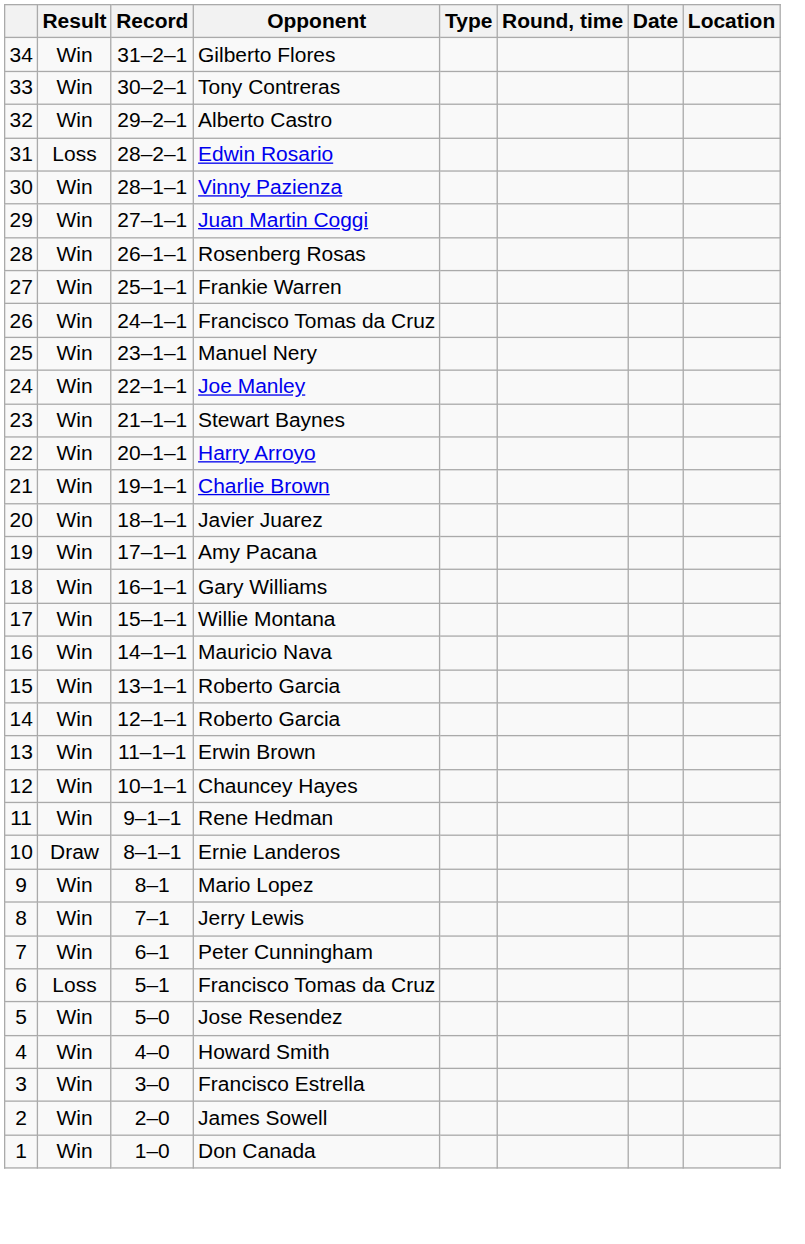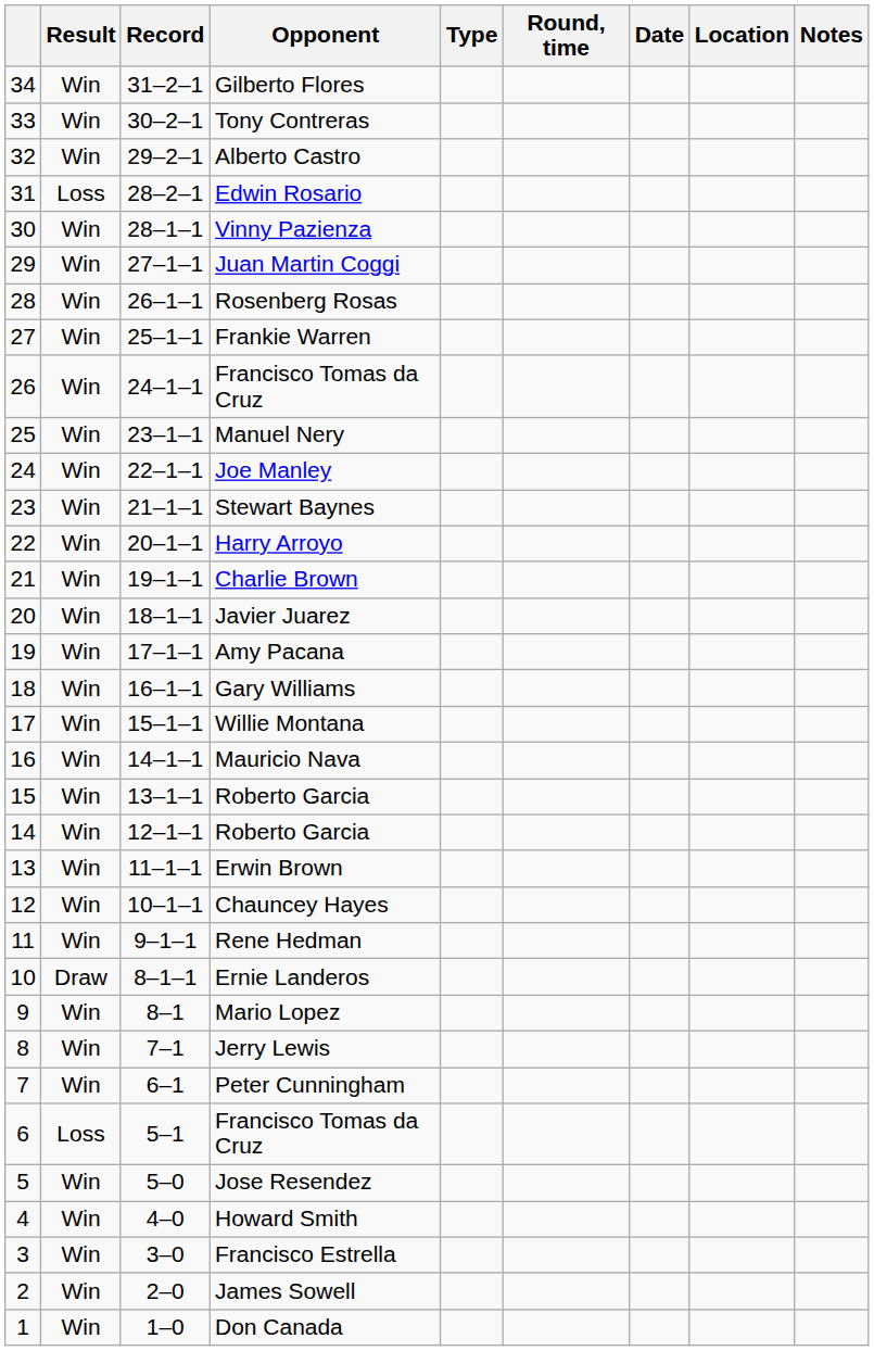 <table class="wikitable" style="text-align:center">
 <tr>
 <th></th>
 <th>Result</th>
 <th>Record</th>
 <th>Opponent</th>
 <th>Type</th>
 <th>Round, time</th>
 <th>Date</th>
 <th>Location</th>
+<th>Notes</th>
 </tr>
 <tr>
 <td>34</td>
 <td>Win</td>
 <td>31–2–1</td>
 <td align=left>Gilberto Flores</td>
 <td></td>
 <td></td>
 <td></td>
+<td align=left></td>
 <td align=left></td>
 </tr>
 <tr>
 <td>33</td>
 <td>Win</td>
 <td>30–2–1</td>
 <td align=left>Tony Contreras</td>
 <td></td>
 <td></td>
 <td></td>
 <td align=left></td>
+<td align=left></td>
 </tr>
 <tr>
 <td>32</td>
 <td>Win</td>
 <td>29–2–1</td>
 <td align=left>Alberto Castro</td>
 <td></td>
 <td></td>
 <td></td>
+<td align=left></td>
 <td align=left></td>
 </tr>
 <tr>
 <td>31</td>
 <td>Loss</td>
 <td>28–2–1</td>
 <td align=left><a href='#'>Edwin Rosario</a></td>
 <td></td>
 <td></td>
 <td></td>
 <td align=left></td>
+<td align=left></td>
 </tr>
 <tr>
 <td>30</td>
 <td>Win</td>
 <td>28–1–1</td>
 <td align=left><a href='#'>Vinny Pazienza</a></td>
 <td></td>
 <td></td>
 <td></td>
+<td align=left></td>
 <td align=left></td>
 </tr>
 <tr>
 <td>29</td>
 <td>Win</td>
 <td>27–1–1</td>
 <td align=left><a href='#'>Juan Martin Coggi</a></td>
 <td></td>
 <td></td>
 <td></td>
 <td align=left></td>
+<td align=left></td>
 </tr>
 <tr>
 <td>28</td>
 <td>Win</td>
 <td>26–1–1</td>
 <td align=left>Rosenberg Rosas</td>
 <td></td>
 <td></td>
 <td></td>
+<td align=left></td>
 <td align=left></td>
 </tr>
 <tr>
 <td>27</td>
 <td>Win</td>
 <td>25–1–1</td>
 <td align=left>Frankie Warren</td>
 <td></td>
 <td></td>
 <td></td>
 <td align=left></td>
+<td align=left></td>
 </tr>
 <tr>
 <td>26</td>
 <td>Win</td>
 <td>24–1–1</td>
 <td align=left>Francisco Tomas da Cruz</td>
 <td></td>
 <td></td>
 <td></td>
+<td align=left></td>
 <td align=left></td>
 </tr>
 <tr>
 <td>25</td>
 <td>Win</td>
 <td>23–1–1</td>
 <td align=left>Manuel Nery</td>
 <td></td>
 <td></td>
 <td></td>
 <td align=left></td>
+<td align=left></td>
 </tr>
 <tr>
 <td>24</td>
 <td>Win</td>
 <td>22–1–1</td>
 <td align=left><a href='#'>Joe Manley</a></td>
 <td></td>
 <td></td>
 <td></td>
+<td align=left></td>
 <td align=left></td>
 </tr>
 <tr>
 <td>23</td>
 <td>Win</td>
 <td>21–1–1</td>
 <td align=left>Stewart Baynes</td>
 <td></td>
 <td></td>
 <td></td>
 <td align=left></td>
+<td align=left></td>
 </tr>
 <tr>
 <td>22</td>
 <td>Win</td>
 <td>20–1–1</td>
 <td align=left><a href='#'>Harry Arroyo</a></td>
 <td></td>
 <td></td>
 <td></td>
+<td align=left></td>
 <td align=left></td>
 </tr>
 <tr>
 <td>21</td>
 <td>Win</td>
 <td>19–1–1</td>
 <td align=left><a href='#'>Charlie Brown</a></td>
 <td></td>
 <td></td>
 <td></td>
 <td align=left></td>
+<td align=left></td>
 </tr>
 <tr>
 <td>20</td>
 <td>Win</td>
 <td>18–1–1</td>
 <td align=left>Javier Juarez</td>
 <td></td>
 <td></td>
 <td></td>
+<td align=left></td>
 <td align=left></td>
 </tr>
 <tr>
 <td>19</td>
 <td>Win</td>
 <td>17–1–1</td>
 <td align=left>Amy Pacana</td>
 <td></td>
 <td></td>
 <td></td>
 <td align=left></td>
+<td align=left></td>
 </tr>
 <tr>
 <td>18</td>
 <td>Win</td>
 <td>16–1–1</td>
 <td align=left>Gary Williams</td>
 <td></td>
 <td></td>
 <td></td>
+<td align=left></td>
 <td align=left></td>
 </tr>
 <tr>
 <td>17</td>
 <td>Win</td>
 <td>15–1–1</td>
 <td align=left>Willie Montana</td>
 <td></td>
 <td></td>
 <td></td>
 <td align=left></td>
+<td align=left></td>
 </tr>
 <tr>
 <td>16</td>
 <td>Win</td>
 <td>14–1–1</td>
 <td align=left>Mauricio Nava</td>
 <td></td>
 <td></td>
 <td></td>
+<td align=left></td>
 <td align=left></td>
 </tr>
 <tr>
 <td>15</td>
 <td>Win</td>
 <td>13–1–1</td>
 <td align=left>Roberto Garcia</td>
 <td></td>
 <td></td>
 <td></td>
 <td align=left></td>
+<td align=left></td>
 </tr>
 <tr>
 <td>14</td>
 <td>Win</td>
 <td>12–1–1</td>
 <td align=left>Roberto Garcia</td>
 <td></td>
 <td></td>
 <td></td>
+<td align=left></td>
 <td align=left></td>
 </tr>
 <tr>
 <td>13</td>
 <td>Win</td>
 <td>11–1–1</td>
 <td align=left>Erwin Brown</td>
 <td></td>
 <td></td>
 <td></td>
 <td align=left></td>
+<td align=left></td>
 </tr>
 <tr>
 <td>12</td>
 <td>Win</td>
 <td>10–1–1</td>
 <td align=left>Chauncey Hayes</td>
 <td></td>
 <td></td>
 <td></td>
+<td align=left></td>
 <td align=left></td>
 </tr>
 <tr>
 <td>11</td>
 <td>Win</td>
 <td>9–1–1</td>
 <td align=left>Rene Hedman</td>
 <td></td>
 <td></td>
 <td></td>
 <td align=left></td>
+<td align=left></td>
 </tr>
 <tr>
 <td>10</td>
 <td>Draw</td>
 <td>8–1–1</td>
 <td align=left>Ernie Landeros</td>
 <td></td>
 <td></td>
 <td></td>
+<td align=left></td>
 <td align=left></td>
 </tr>
 <tr>
 <td>9</td>
 <td>Win</td>
 <td>8–1</td>
 <td align=left>Mario Lopez</td>
 <td></td>
 <td></td>
 <td></td>
 <td align=left></td>
+<td align=left></td>
 </tr>
 <tr>
 <td>8</td>
 <td>Win</td>
 <td>7–1</td>
 <td align=left>Jerry Lewis</td>
 <td></td>
 <td></td>
 <td></td>
+<td align=left></td>
 <td align=left></td>
 </tr>
 <tr>
 <td>7</td>
 <td>Win</td>
 <td>6–1</td>
 <td align=left>Peter Cunningham</td>
 <td></td>
 <td></td>
 <td></td>
 <td align=left></td>
+<td align=left></td>
 </tr>
 <tr>
 <td>6</td>
 <td>Loss</td>
 <td>5–1</td>
 <td align=left>Francisco Tomas da Cruz</td>
 <td></td>
 <td></td>
 <td></td>
+<td align=left></td>
 <td align=left></td>
 </tr>
 <tr>
 <td>5</td>
 <td>Win</td>
 <td>5–0</td>
 <td align=left>Jose Resendez</td>
 <td></td>
 <td></td>
 <td></td>
 <td align=left></td>
+<td align=left></td>
 </tr>
 <tr>
 <td>4</td>
 <td>Win</td>
 <td>4–0</td>
 <td align=left>Howard Smith</td>
 <td></td>
 <td></td>
 <td></td>
+<td align=left></td>
 <td align=left></td>
 </tr>
 <tr>
 <td>3</td>
 <td>Win</td>
 <td>3–0</td>
 <td align=left>Francisco Estrella</td>
 <td></td>
 <td></td>
 <td></td>
 <td align=left></td>
+<td align=left></td>
 </tr>
 <tr>
 <td>2</td>
 <td>Win</td>
 <td>2–0</td>
 <td align=left>James Sowell</td>
 <td></td>
 <td></td>
 <td></td>
+<td align=left></td>
 <td align=left></td>
 </tr>
 <tr>
 <td>1</td>
 <td>Win</td>
 <td>1–0</td>
 <td align=left>Don Canada</td>
 <td></td>
 <td></td>
 <td></td>
 <td align=left></td>
+<td align=left></td>
 </tr>
 </table>
